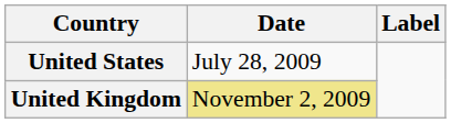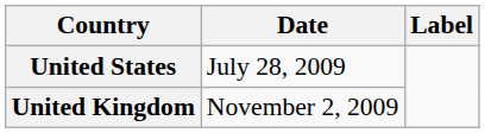 <table class="wikitable plainrowheaders">
 <tr>
 <th scope="col">Country</th>
 <th scope="col">Date</th>
 <th scope="col">Label</th>
 </tr>
 <tr>
 <th scope="row">United States</th>
 <td>July 28, 2009</td>
 <td rowspan="2"></td>
 </tr>
 <tr>
 <th scope="row">United Kingdom</th>
-<td style="background: khaki;">November 2, 2009</td>
+<td>November 2, 2009</td>
 </tr>
 </table>
